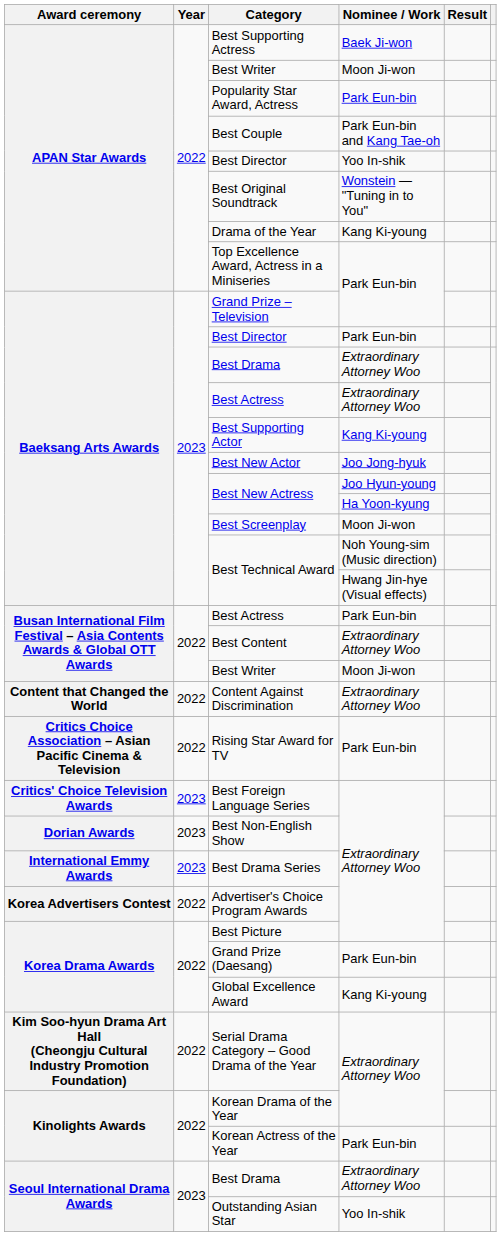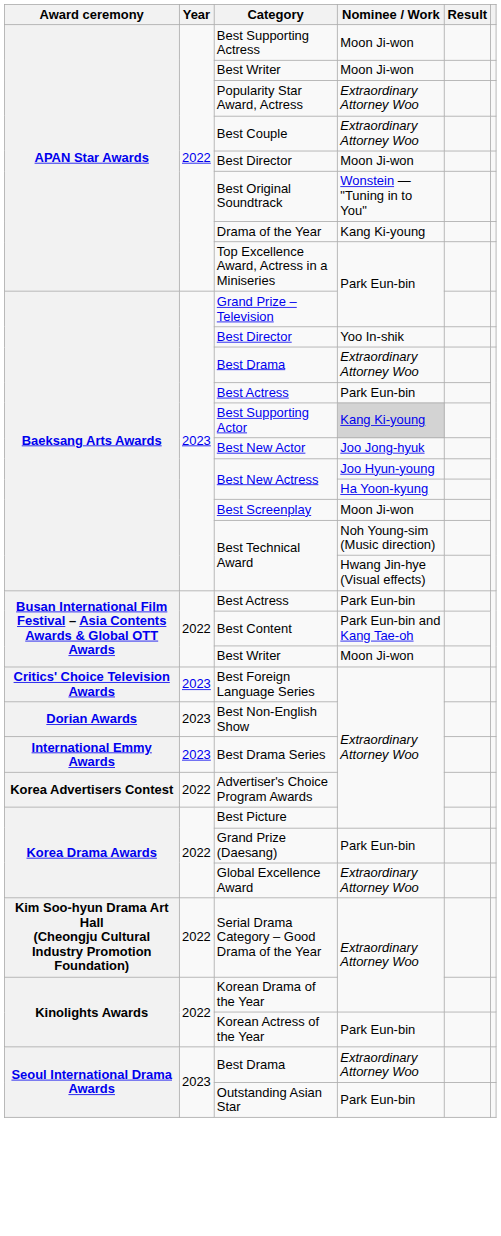 <table class="wikitable plainrowheaders">
 <tr>
 <th scope="col">Award ceremony </th>
 <th scope="col">Year</th>
 <th scope="col">Category </th>
 <th scope="col">Nominee / Work</th>
 <th scope="col">Result</th>
 <th scope="col" class="unsortable"></th>
 </tr>
 <tr>
 <th scope="row" rowspan="8"><a href='#'>APAN Star Awards</a></th>
 <td style="text-align:center" rowspan="8"><a href='#'>2022</a></td>
 <td>Best Supporting Actress</td>
-<td><a href='#'>Baek Ji-won</a></td>
+<td>Moon Ji-won</td>
 <td></td>
 <td style="text-align:center"></td>
 </tr>
 <tr>
 <td>Best Writer</td>
 <td>Moon Ji-won</td>
 <td></td>
 <td style="text-align:center"></td>
 </tr>
 <tr>
 <td>Popularity Star Award, Actress</td>
-<td><a href='#'>Park Eun-bin</a></td>
+<td><em>Extraordinary Attorney Woo</em></td>
 <td></td>
 <td style="text-align:center"></td>
 </tr>
 <tr>
 <td>Best Couple</td>
-<td>Park Eun-bin and <a href='#'>Kang Tae-oh</a></td>
+<td><em>Extraordinary Attorney Woo</em></td>
 <td></td>
 <td style="text-align:center"></td>
 </tr>
 <tr>
 <td>Best Director</td>
-<td>Yoo In-shik</td>
+<td>Moon Ji-won</td>
 <td></td>
 <td style="text-align:center"></td>
 </tr>
 <tr>
 <td>Best Original Soundtrack</td>
 <td><a href='#'>Wonstein</a> — "Tuning in to You"</td>
 <td></td>
 <td style="text-align:center"></td>
 </tr>
 <tr>
 <td>Drama of the Year</td>
 <td>Kang Ki-young</td>
 <td></td>
 <td style="text-align:center"></td>
 </tr>
 <tr>
 <td>Top Excellence Award, Actress in a Miniseries</td>
 <td rowspan="2">Park Eun-bin</td>
 <td></td>
 <td style="text-align:center"></td>
 </tr>
 <tr>
 <th scope="row" rowspan="11"><a href='#'>Baeksang Arts Awards</a></th>
 <td style="text-align:center" rowspan="11"><a href='#'>2023</a></td>
 <td><a href='#'>Grand Prize – Television</a></td>
 <td></td>
 <td style="text-align:center"></td>
 </tr>
 <tr>
 <td><a href='#'>Best Director</a></td>
-<td>Park Eun-bin</td>
+<td>Yoo In-shik</td>
 <td></td>
 <td style="text-align:center"></td>
 </tr>
 <tr>
 <td><a href='#'>Best Drama</a></td>
 <td><em>Extraordinary Attorney Woo</em></td>
 <td></td>
 <td rowspan="9"></td>
 </tr>
 <tr>
 <td><a href='#'>Best Actress</a></td>
-<td><em>Extraordinary Attorney Woo</em></td>
+<td>Park Eun-bin</td>
 <td></td>
 </tr>
 <tr>
 <td><a href='#'>Best Supporting Actor</a></td>
-<td><a href='#'>Kang Ki-young</a></td>
+<td style="background: lightgrey;"><a href='#'>Kang Ki-young</a></td>
 <td></td>
 </tr>
 <tr>
 <td><a href='#'>Best New Actor</a></td>
 <td><a href='#'>Joo Jong-hyuk</a></td>
 <td></td>
 </tr>
 <tr>
 <td rowspan="2"><a href='#'>Best New Actress</a></td>
 <td><a href='#'>Joo Hyun-young</a></td>
 <td></td>
 </tr>
 <tr>
 <td><a href='#'>Ha Yoon-kyung</a></td>
 <td></td>
 </tr>
 <tr>
 <td><a href='#'>Best Screenplay</a></td>
 <td>Moon Ji-won</td>
 <td></td>
 </tr>
 <tr>
 <td rowspan="2">Best Technical Award</td>
 <td>Noh Young-sim (Music direction)</td>
 <td></td>
 </tr>
 <tr>
 <td>Hwang Jin-hye (Visual effects)</td>
 <td></td>
 </tr>
 <tr>
 <th scope="row" rowspan="3"><a href='#'>Busan International Film Festival</a> – <a href='#'>Asia Contents Awards & Global OTT Awards</a></th>
 <td rowspan="3" style="text-align:center">2022</td>
 <td>Best Actress</td>
 <td>Park Eun-bin</td>
 <td></td>
 <td rowspan="3"></td>
 </tr>
 <tr>
 <td>Best Content</td>
-<td><em>Extraordinary Attorney Woo</em></td>
+<td>Park Eun-bin and <a href='#'>Kang Tae-oh</a></td>
 <td></td>
 </tr>
 <tr>
 <td>Best Writer</td>
 <td>Moon Ji-won</td>
 <td></td>
-</tr>
-<tr>
-<th scope="row">Content that Changed the World</th>
-<td style="text-align:center">2022</td>
-<td>Content Against Discrimination</td>
-<td><em>Extraordinary Attorney Woo</em></td>
-<td></td>
-<td style="text-align:center"></td>
-</tr>
-<tr>
-<th scope="row"><a href='#'>Critics Choice Association</a> – Asian Pacific Cinema & Television</th>
-<td style="text-align:center">2022</td>
-<td>Rising Star Award for TV</td>
-<td>Park Eun-bin</td>
-<td></td>
-<td style="text-align:center"></td>
 </tr>
 <tr>
 <th scope="row"><a href='#'>Critics' Choice Television Awards</a></th>
 <td style="text-align:center"><a href='#'>2023</a></td>
 <td>Best Foreign Language Series</td>
 <td rowspan="5"><em>Extraordinary Attorney Woo</em></td>
 <td></td>
 <td style="text-align:center"></td>
 </tr>
 <tr>
 <th scope="row"><a href='#'>Dorian Awards</a></th>
 <td style="text-align:center">2023</td>
 <td>Best Non-English Show</td>
 <td></td>
 <td style="text-align:center"></td>
 </tr>
 <tr>
 <th scope="row"><a href='#'>International Emmy Awards</a></th>
 <td><a href='#'>2023</a></td>
 <td>Best Drama Series</td>
 <td></td>
 <td style="text-align:center"></td>
 </tr>
 <tr>
 <th scope="row">Korea Advertisers Contest</th>
 <td style="text-align:center">2022</td>
 <td>Advertiser's Choice Program Awards</td>
 <td></td>
 <td style="text-align:center"></td>
 </tr>
 <tr>
 <th scope="row" rowspan="3"><a href='#'>Korea Drama Awards</a></th>
 <td style="text-align:center"rowspan="3">2022</td>
 <td>Best Picture</td>
 <td></td>
 <td style="text-align:center"></td>
 </tr>
 <tr>
 <td>Grand Prize (Daesang)</td>
 <td>Park Eun-bin</td>
 <td></td>
 <td style="text-align:center"></td>
 </tr>
 <tr>
 <td>Global Excellence Award</td>
-<td>Kang Ki-young</td>
+<td><em>Extraordinary Attorney Woo</em></td>
 <td></td>
 <td style="text-align:center"></td>
 </tr>
 <tr>
 <th scope="row">Kim Soo-hyun Drama Art Hall<br>(Cheongju Cultural Industry Promotion Foundation)</th>
 <td>2022</td>
 <td>Serial Drama Category – Good Drama of the Year</td>
 <td rowspan="2"><em>Extraordinary Attorney Woo</em></td>
 <td></td>
 <td style="text-align:center"></td>
 </tr>
 <tr>
 <th scope="row" rowspan="2">Kinolights Awards</th>
 <td rowspan="2">2022</td>
 <td>Korean Drama of the Year</td>
 <td></td>
 <td style="text-align:center"></td>
 </tr>
 <tr>
 <td>Korean Actress of the Year</td>
 <td>Park Eun-bin</td>
 <td></td>
 <td style="text-align:center"></td>
 </tr>
 <tr>
 <th scope="row" rowspan="2"><a href='#'>Seoul International Drama Awards</a></th>
 <td rowspan="2" style="text-align:center">2023</td>
 <td>Best Drama</td>
 <td><em>Extraordinary Attorney Woo</em></td>
 <td></td>
 <td style="text-align:center"></td>
 </tr>
 <tr>
 <td>Outstanding Asian Star</td>
-<td>Yoo In-shik</td>
+<td>Park Eun-bin</td>
 <td></td>
 <td style="text-align:center"></td>
 </tr>
 </table>
